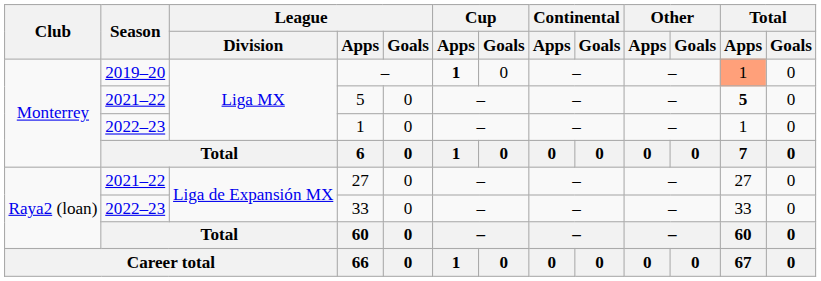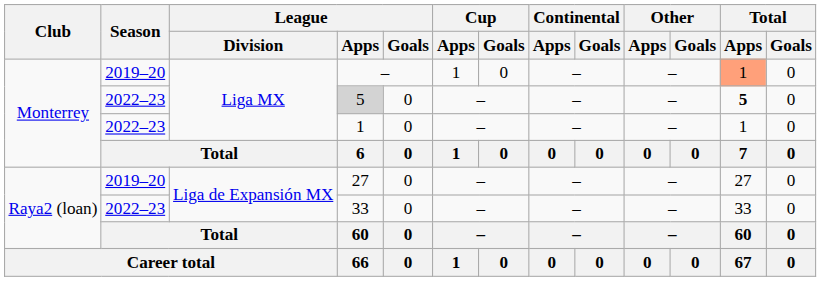 <table class="wikitable" style="text-align:center">
 <tr>
 <th rowspan="2">Club</th>
 <th rowspan="2">Season</th>
 <th colspan="3">League</th>
 <th colspan="2">Cup</th>
 <th colspan="2">Continental</th>
 <th colspan="2">Other</th>
 <th colspan="2">Total</th>
 </tr>
 <tr>
 <th>Division</th>
 <th>Apps</th>
 <th>Goals</th>
 <th>Apps</th>
 <th>Goals</th>
 <th>Apps</th>
 <th>Goals</th>
 <th>Apps</th>
 <th>Goals</th>
 <th>Apps</th>
 <th>Goals</th>
 </tr>
 <tr>
 <td rowspan="4"><a href='#'>Monterrey</a></td>
 <td><a href='#'>2019–20</a></td>
 <td rowspan="3"><a href='#'>Liga MX</a></td>
 <td colspan="2">–</td>
-<td><strong>1</strong></td>
+<td>1</td>
 <td>0</td>
 <td colspan="2">–</td>
 <td colspan="2">–</td>
 <td style="background: lightsalmon;">1</td>
 <td>0</td>
 </tr>
 <tr>
-<td><a href='#'>2021–22</a></td>
-<td>5</td>
+<td><a href='#'>2022–23</a></td>
+<td style="background: lightgrey;">5</td>
 <td>0</td>
 <td colspan="2">–</td>
 <td colspan="2">–</td>
 <td colspan="2">–</td>
 <td><strong>5</strong></td>
 <td>0</td>
 </tr>
 <tr>
 <td><a href='#'>2022–23</a></td>
 <td>1</td>
 <td>0</td>
 <td colspan="2">–</td>
 <td colspan="2">–</td>
 <td colspan="2">–</td>
 <td>1</td>
 <td>0</td>
 </tr>
 <tr>
 <th colspan="2">Total</th>
 <th>6</th>
 <th>0</th>
 <th>1</th>
 <th>0</th>
 <th>0</th>
 <th>0</th>
 <th>0</th>
 <th>0</th>
 <th>7</th>
 <th>0</th>
 </tr>
 <tr>
 <td rowspan="3"><a href='#'>Raya2</a> (loan)</td>
-<td><a href='#'>2021–22</a></td>
+<td><a href='#'>2019–20</a></td>
 <td rowspan="2"><a href='#'>Liga de Expansión MX</a></td>
 <td>27</td>
 <td>0</td>
 <td colspan="2">–</td>
 <td colspan="2">–</td>
 <td colspan="2">–</td>
 <td>27</td>
 <td>0</td>
 </tr>
 <tr>
 <td><a href='#'>2022–23</a></td>
 <td>33</td>
 <td>0</td>
 <td colspan="2">–</td>
 <td colspan="2">–</td>
 <td colspan="2">–</td>
 <td>33</td>
 <td>0</td>
 </tr>
 <tr>
 <th colspan="2">Total</th>
 <th>60</th>
 <th>0</th>
 <th colspan="2">–</th>
 <th colspan="2">–</th>
 <th colspan="2">–</th>
 <th>60</th>
 <th>0</th>
 </tr>
 <tr>
 <th colspan="3">Career total</th>
 <th>66</th>
 <th>0</th>
 <th>1</th>
 <th>0</th>
 <th>0</th>
 <th>0</th>
 <th>0</th>
 <th>0</th>
 <th>67</th>
 <th>0</th>
 </tr>
 </table>
